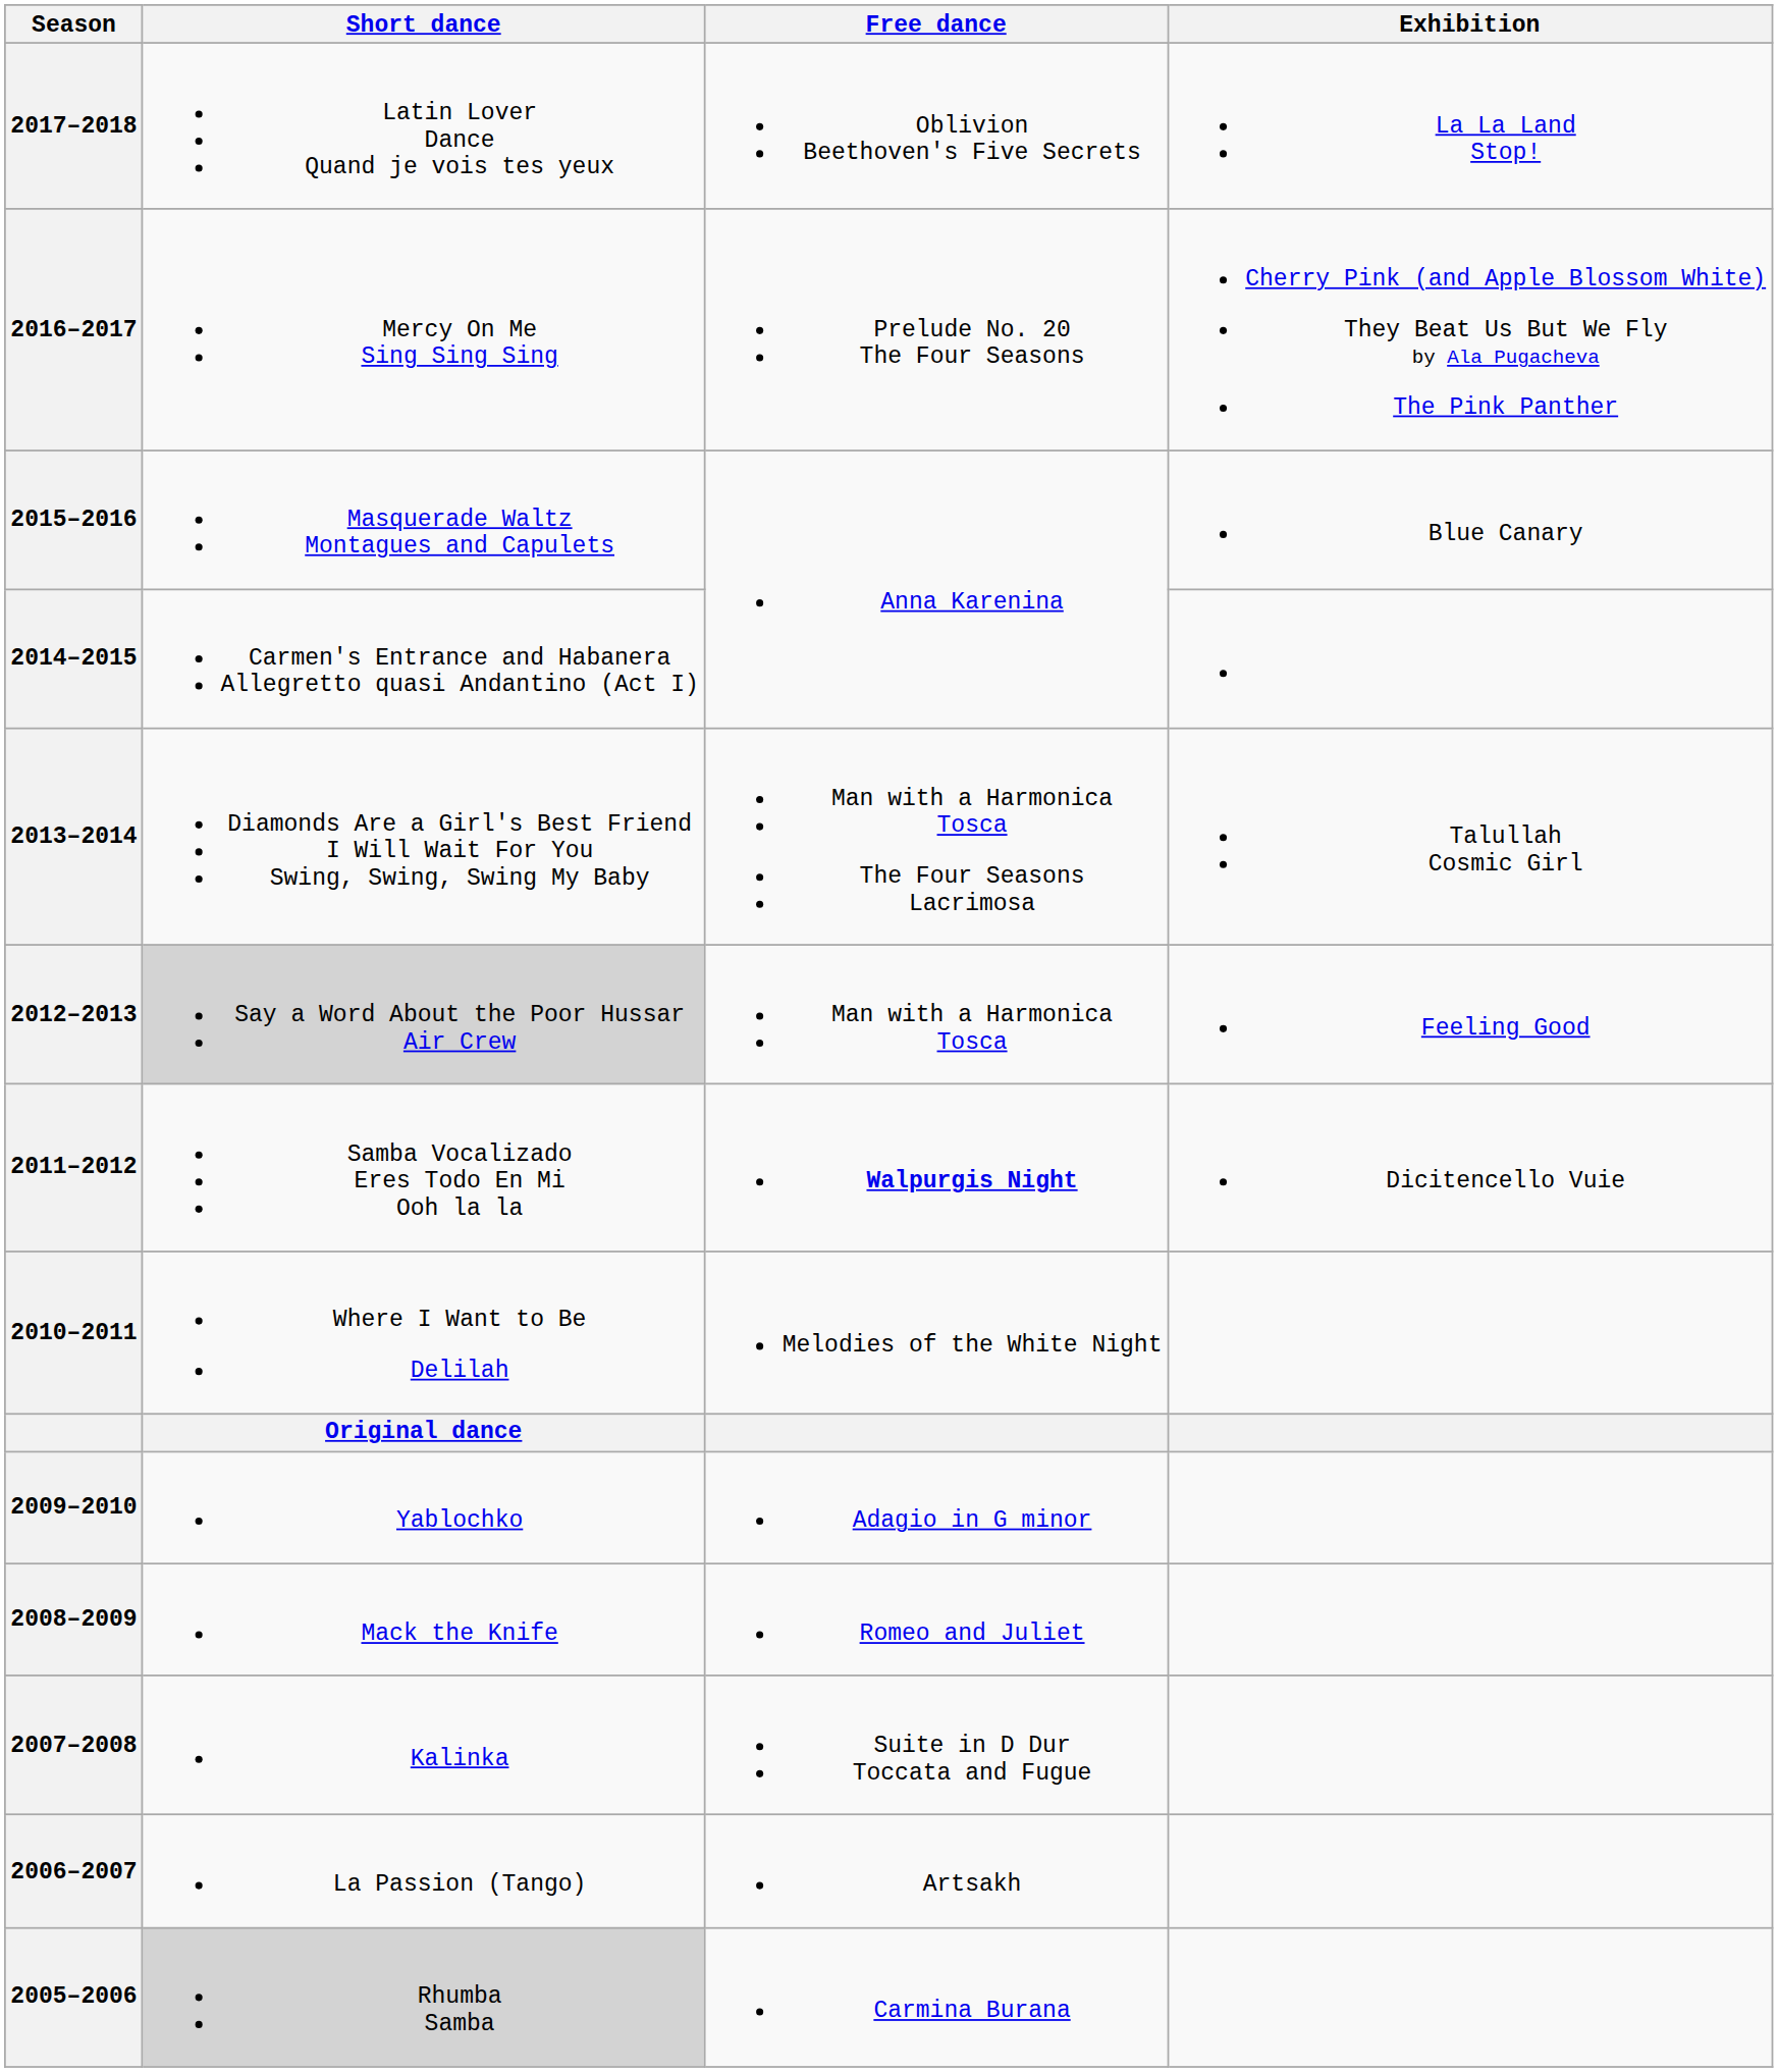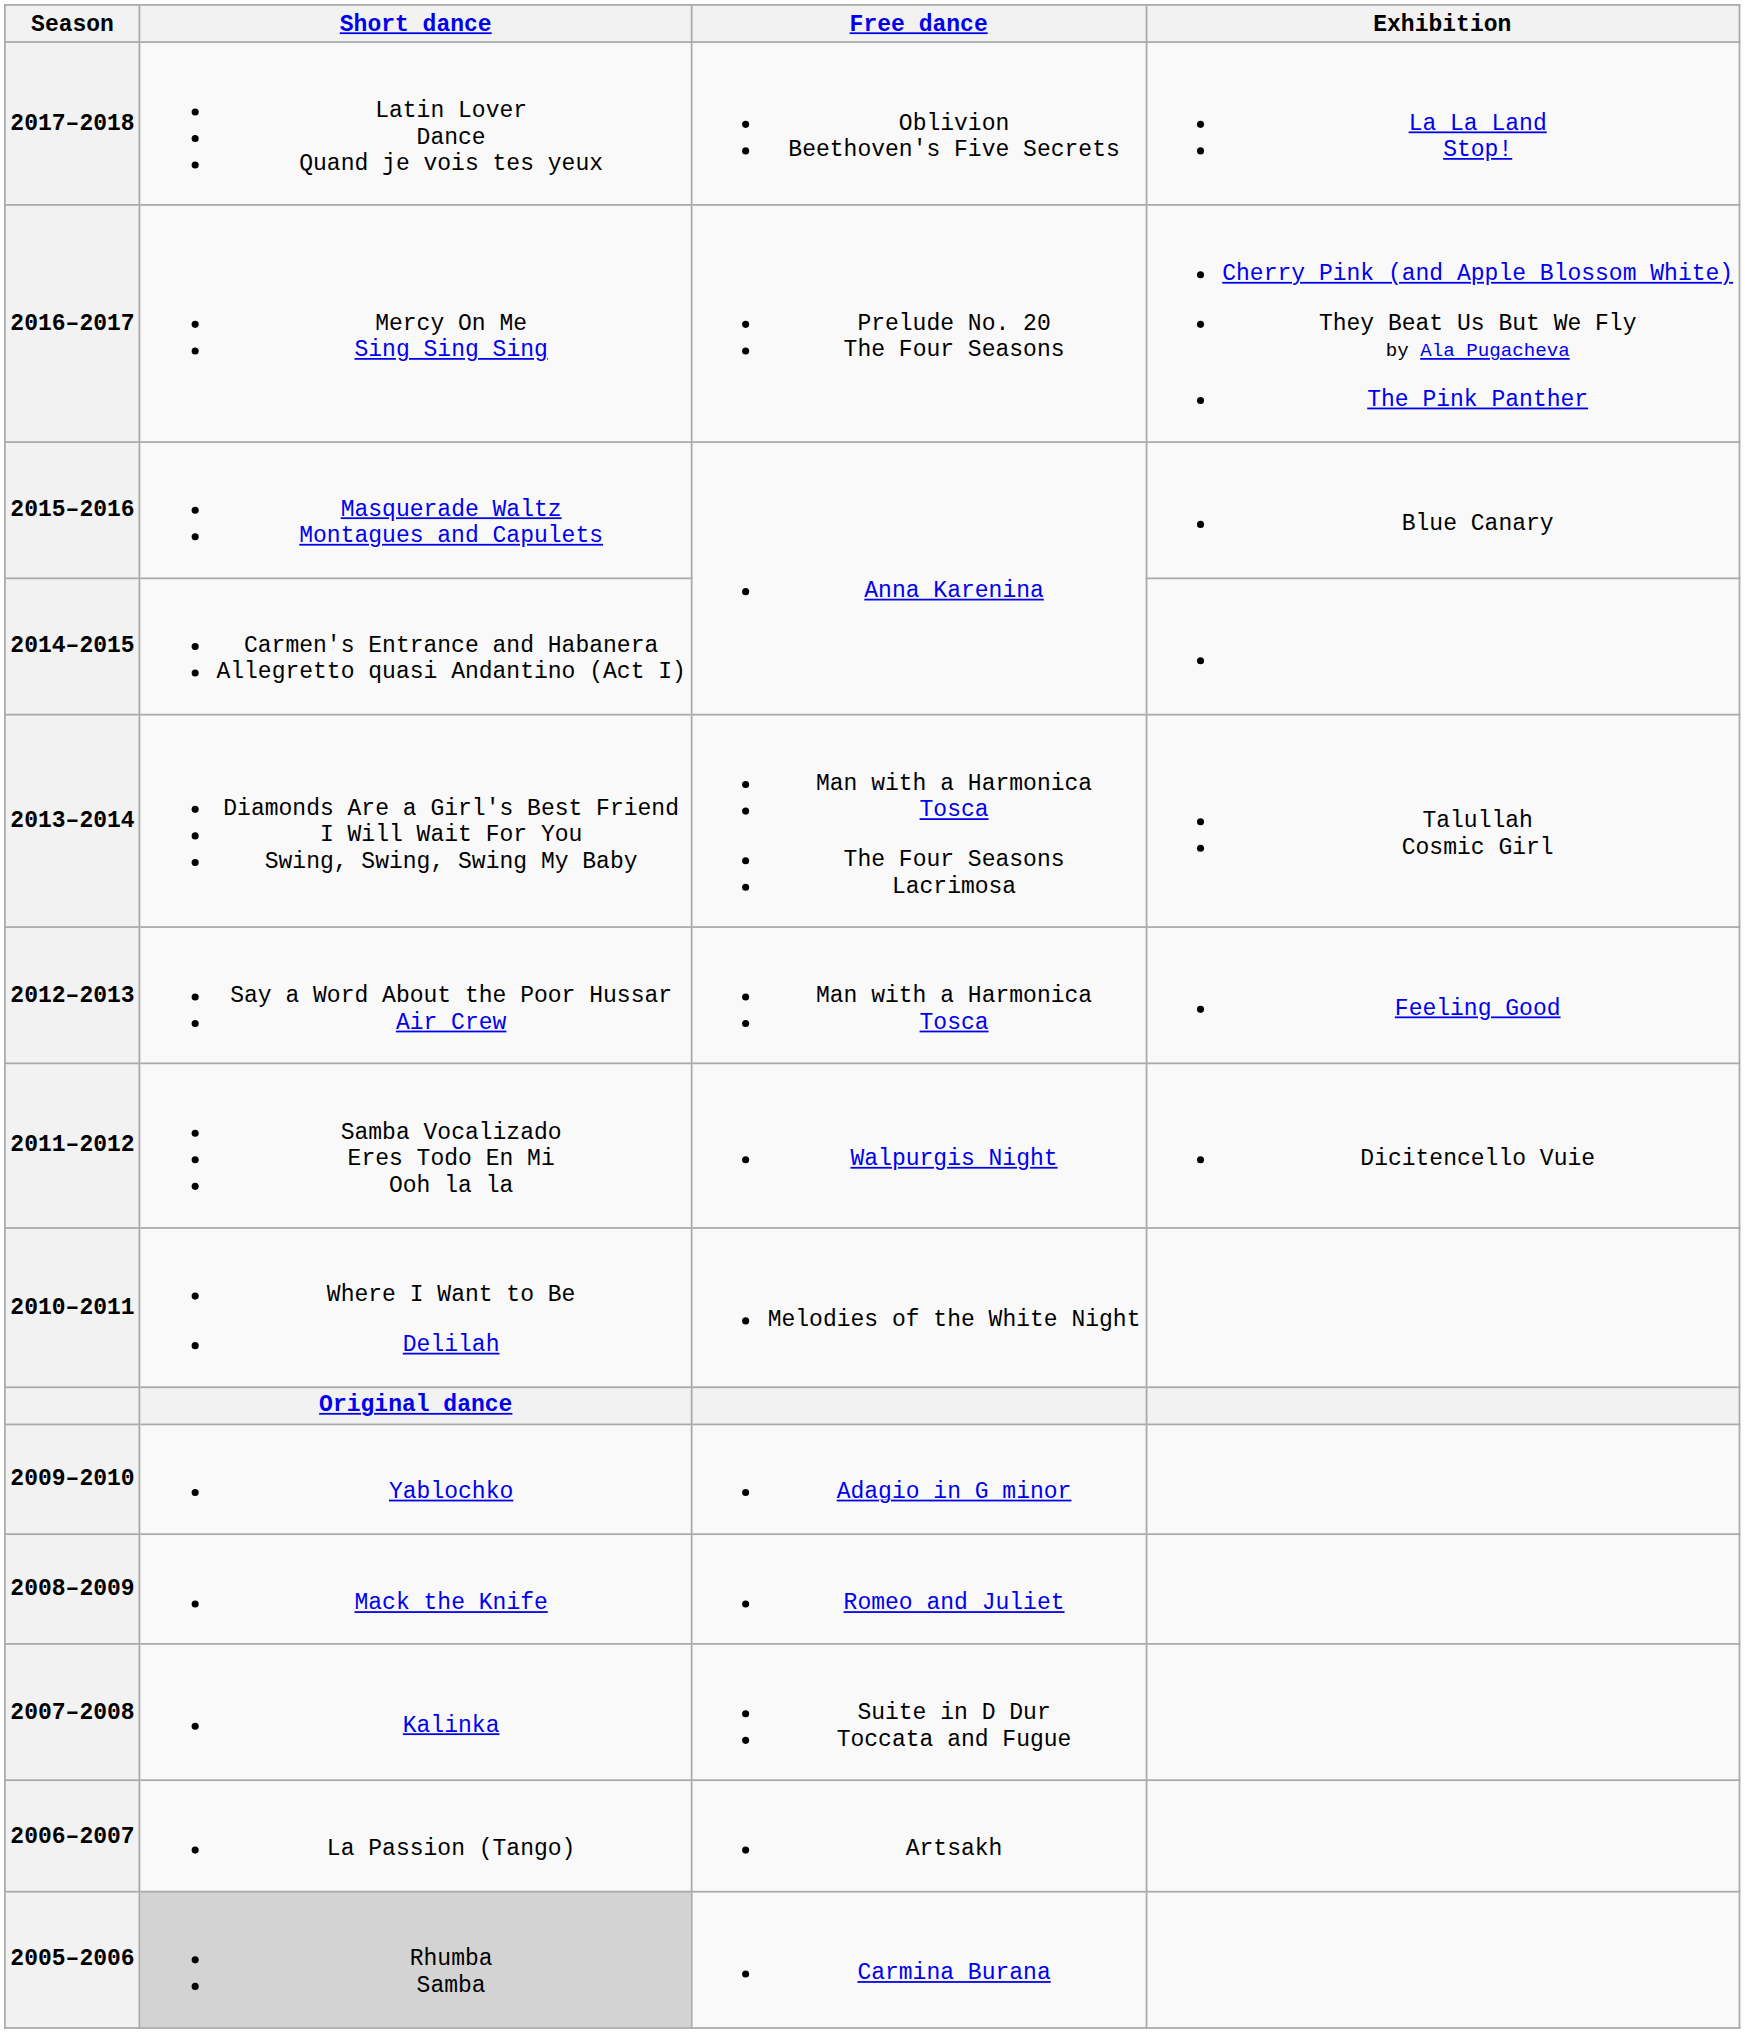 <table class="wikitable" style="text-align:center">
 <tr>
 <th>Season</th>
 <th><a href='#'>Short dance</a></th>
 <th><a href='#'>Free dance</a></th>
 <th>Exhibition</th>
 </tr>
 <tr>
 <th>2017–2018 <br></th>
 <td><br><ul><li> Latin Lover <br></li><li> Dance <br></li><li> Quand je vois tes yeux <br></li></ul></td>
 <td><br><ul><li>Oblivion <br></li><li>Beethoven's Five Secrets <br></li></ul></td>
 <td><br><ul><li><a href='#'>La La Land</a></li><li><a href='#'>Stop!</a> <br></li></ul></td>
 </tr>
 <tr>
 <th>2016–2017 <br></th>
 <td><br><ul><li> Mercy On Me <br></li><li> <a href='#'>Sing Sing Sing</a> <br></li></ul></td>
 <td><br><ul><li>Prelude No. 20 <br></li><li>The Four Seasons <br></li></ul></td>
 <td><br><ul><li><a href='#'>Cherry Pink (and Apple Blossom White)</a> <br></li></ul><ul><li>They Beat Us But We Fly<br><small>by <a href='#'>Ala Pugacheva</a></small></li></ul><ul><li><a href='#'>The Pink Panther</a> <br></li></ul></td>
 </tr>
 <tr>
 <th>2015–2016 <br> </th>
 <td><br><ul><li> <a href='#'>Masquerade Waltz</a> <br></li><li> <a href='#'>Montagues and Capulets</a> <br> </li></ul></td>
 <td rowspan=2><br><ul><li><a href='#'>Anna Karenina</a> <br></li></ul></td>
 <td><br><ul><li>Blue Canary <br></li></ul></td>
 </tr>
 <tr>
 <th>2014–2015 <br> </th>
 <td><br><ul><li> Carmen's Entrance and Habanera <br> </li><li> Allegretto quasi Andantino (Act I) <br> </li></ul></td>
 <td><br><ul><li></li></ul></td>
 </tr>
 <tr>
 <th>2013–2014 <br> </th>
 <td><br><ul><li> Diamonds Are a Girl's Best Friend <br></li><li> I Will Wait For You <br></li><li> Swing, Swing, Swing My Baby</li></ul></td>
 <td><br><ul><li>Man with a Harmonica <br></li><li><a href='#'>Tosca</a> <br></li></ul><ul><li>The Four Seasons <br></li><li>Lacrimosa <br></li></ul></td>
 <td><br><ul><li>Talullah</li><li>Cosmic Girl <br></li></ul></td>
 </tr>
 <tr>
 <th>2012–2013 <br> </th>
-<td style="background: lightgrey;"><br><ul><li> Say a Word About the Poor Hussar <br></li><li> <a href='#'>Air Crew</a> <br></li></ul></td>
+<td><br><ul><li> Say a Word About the Poor Hussar <br></li><li> <a href='#'>Air Crew</a> <br></li></ul></td>
 <td><br><ul><li>Man with a Harmonica <br></li><li><a href='#'>Tosca</a> <br></li></ul></td>
 <td><br><ul><li><a href='#'>Feeling Good</a> <br></li></ul></td>
 </tr>
 <tr>
 <th>2011–2012 <br></th>
 <td><br><ul><li>Samba Vocalizado <br></li><li>Eres Todo En Mi <br></li><li>Ooh la la <br></li></ul></td>
-<td><strong><br><ul><li><a href='#'>Walpurgis Night</a> <br></li></ul></strong></td>
+<td><br><ul><li><a href='#'>Walpurgis Night</a> <br></li></ul></td>
 <td><br><ul><li>Dicitencello Vuie <br></li></ul></td>
 </tr>
 <tr>
 <th>2010–2011 <br></th>
 <td><br><ul><li>Where I Want to Be <br></li></ul><ul><li><a href='#'>Delilah</a> <br></li></ul></td>
 <td><br><ul><li>Melodies of the White Night <br></li></ul></td>
 <td></td>
 </tr>
 <tr>
 <th></th>
 <th><a href='#'>Original dance</a></th>
 <th></th>
 <th></th>
 </tr>
 <tr>
 <th>2009–2010 <br></th>
 <td><br><ul><li><a href='#'>Yablochko</a> <br></li></ul></td>
 <td><br><ul><li><a href='#'>Adagio in G minor</a> <br></li></ul></td>
 <td></td>
 </tr>
 <tr>
 <th>2008–2009 <br></th>
 <td><br><ul><li><a href='#'>Mack the Knife</a> <br></li></ul></td>
 <td><br><ul><li><a href='#'>Romeo and Juliet</a> <br></li></ul></td>
 <td></td>
 </tr>
 <tr>
 <th>2007–2008 <br></th>
 <td><br><ul><li><a href='#'>Kalinka</a></li></ul></td>
 <td><br><ul><li>Suite in D Dur <br></li><li>Toccata and Fugue <br></li></ul></td>
 <td></td>
 </tr>
 <tr>
 <th>2006–2007 <br></th>
 <td><br><ul><li>La Passion (Tango)</li></ul></td>
 <td><br><ul><li>Artsakh <br></li></ul></td>
 <td></td>
 </tr>
 <tr>
 <th>2005–2006 <br></th>
 <td style="background: lightgrey;"><br><ul><li>Rhumba</li><li>Samba</li></ul></td>
 <td><br><ul><li><a href='#'>Carmina Burana</a> <br></li></ul></td>
 <td></td>
 </tr>
 </table>
